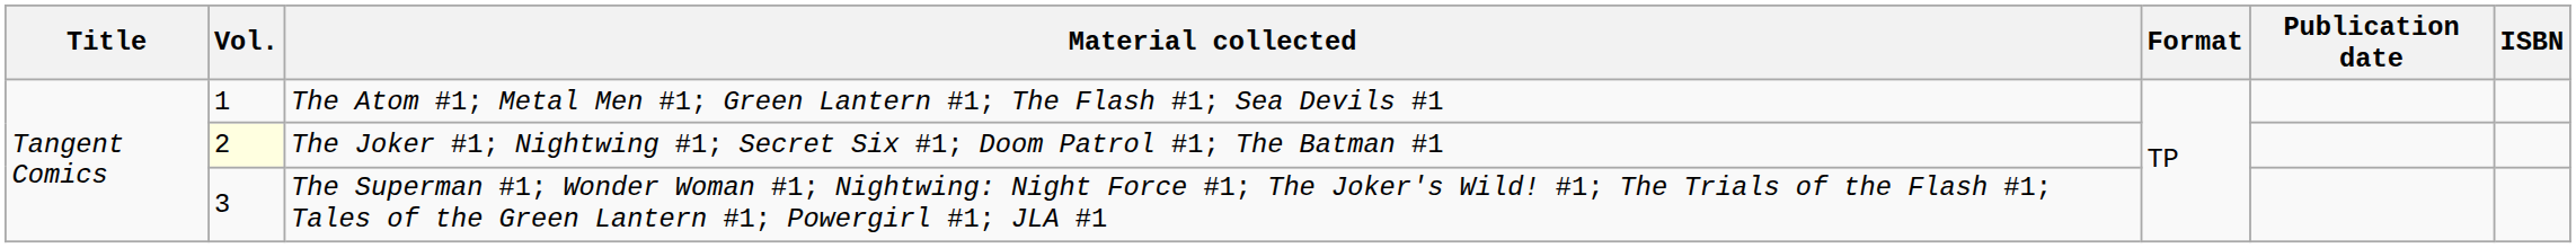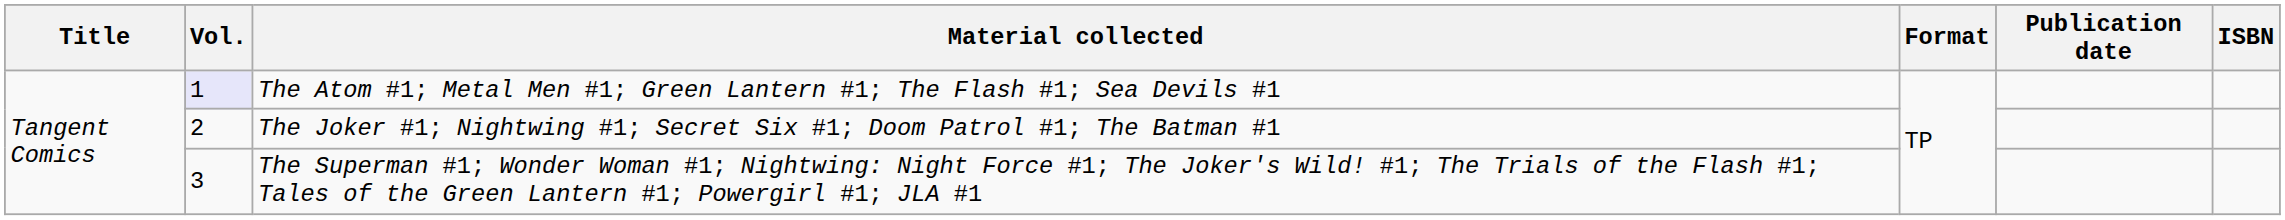 <table class="wikitable">
 <tr>
 <th>Title</th>
 <th>Vol.</th>
 <th>Material collected</th>
 <th>Format</th>
 <th>Publication date</th>
 <th>ISBN</th>
 </tr>
 <tr>
 <td rowspan="3"><em>Tangent Comics</em></td>
-<td>1</td>
+<td style="background: lavender;">1</td>
 <td><em>The Atom</em> #1; <em>Metal Men</em> #1; <em>Green Lantern</em> #1; <em>The Flash</em> #1; <em>Sea Devils</em> #1</td>
 <td rowspan="3">TP</td>
 <td></td>
 <td></td>
 </tr>
 <tr>
-<td style="background: lightyellow;">2</td>
+<td>2</td>
 <td><em>The Joker</em> #1; <em>Nightwing</em> #1; <em>Secret Six</em> #1; <em>Doom Patrol</em> #1; <em>The Batman</em> #1</td>
 <td style=white-space:nowrap></td>
 <td style=white-space:nowrap></td>
 </tr>
 <tr>
 <td>3</td>
 <td><em>The Superman</em> #1; <em>Wonder Woman</em> #1; <em>Nightwing: Night Force</em> #1; <em>The Joker's Wild!</em> #1; <em>The Trials of the Flash</em> #1; <em>Tales of the Green Lantern</em> #1; <em>Powergirl</em> #1; <em>JLA</em> #1</td>
 <td></td>
 <td></td>
 </tr>
 </table>
